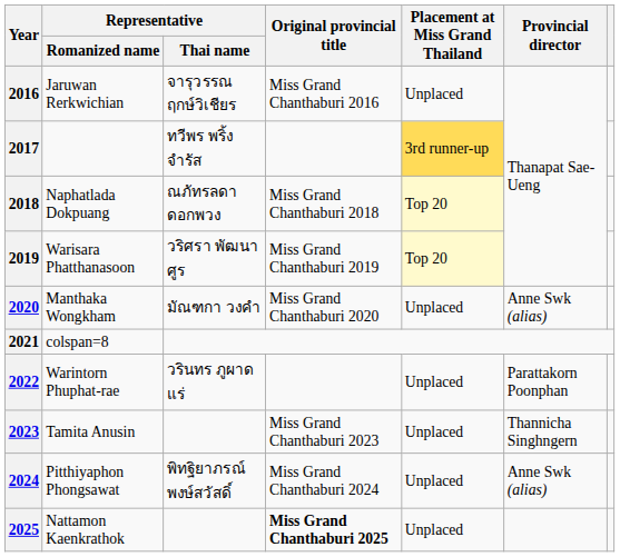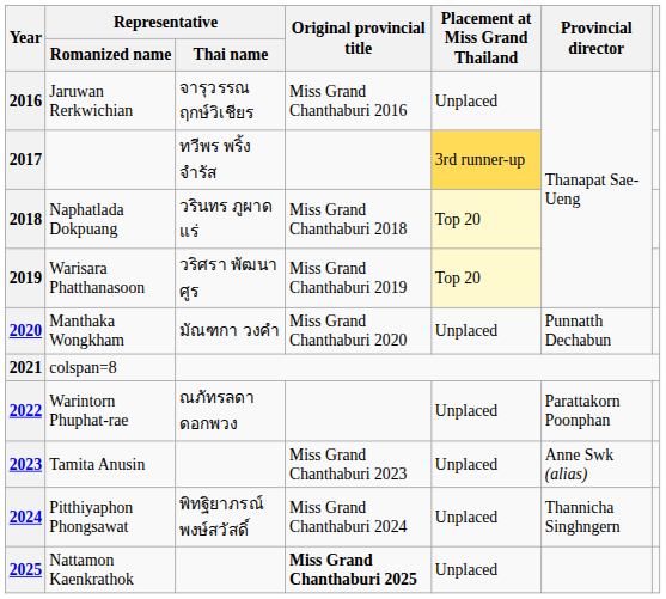 <table class="wikitable defaultcenter col2left col3left col6left" style="font-size:95%;">
 <tr>
 <th rowspan=2>Year</th>
 <th colspan=2>Representative</th>
 <th rowspan=2>Original provincial title</th>
 <th rowspan=2>Placement at<br>Miss Grand Thailand</th>
 <th rowspan=2>Provincial director</th>
 <th rowspan=2></th>
 </tr>
 <tr>
 <th>Romanized name</th>
 <th>Thai name</th>
 </tr>
 <tr>
 <th>2016</th>
 <td>Jaruwan Rerkwichian</td>
 <td>จารุวรรณ ฤกษ์วิเชียร</td>
 <td>Miss Grand Chanthaburi 2016</td>
 <td>Unplaced</td>
 <td rowspan=4>Thanapat Sae-Ueng</td>
 <td></td>
 </tr>
 <tr>
 <th>2017</th>
 <td></td>
 <td>ทวีพร พริ้งจำรัส</td>
 <td></td>
 <td bgcolor=#FFDB58>3rd runner-up</td>
 <td></td>
 </tr>
 <tr>
 <th>2018</th>
 <td>Naphatlada Dokpuang</td>
-<td>ณภัทรลดา ดอกพวง</td>
+<td>วรินทร ภูผาดแร่</td>
 <td>Miss Grand Chanthaburi 2018</td>
 <td bgcolor=#FFFACD>Top 20</td>
 <td></td>
 </tr>
 <tr>
 <th>2019</th>
 <td>Warisara Phatthanasoon</td>
 <td>วริศรา พัฒนาศูร</td>
 <td>Miss Grand Chanthaburi 2019</td>
 <td bgcolor=#FFFACD>Top 20</td>
 <td></td>
 </tr>
 <tr>
 <th><a href='#'>2020</a></th>
 <td>Manthaka Wongkham</td>
 <td>มัณฑกา วงคำ</td>
 <td>Miss Grand Chanthaburi 2020</td>
 <td>Unplaced</td>
-<td>Anne Swk <em>(alias)</em></td>
+<td>Punnatth Dechabun</td>
 <td></td>
 </tr>
 <tr>
 <th>2021</th>
 <td>colspan=8 </td>
 </tr>
 <tr>
 <th><a href='#'>2022</a></th>
 <td>Warintorn Phuphat-rae</td>
-<td>วรินทร ภูผาดแร่</td>
+<td>ณภัทรลดา ดอกพวง</td>
 <td></td>
 <td>Unplaced</td>
 <td>Parattakorn Poonphan</td>
 <td></td>
 </tr>
 <tr>
 <th><a href='#'>2023</a></th>
 <td>Tamita Anusin</td>
 <td></td>
 <td>Miss Grand Chanthaburi 2023</td>
 <td>Unplaced</td>
-<td>Thannicha Singhngern</td>
+<td>Anne Swk <em>(alias)</em></td>
 <td></td>
 </tr>
 <tr>
 <th><a href='#'>2024</a></th>
 <td>Pitthiyaphon Phongsawat</td>
 <td>พิทฐิยาภรณ์ พงษ์สวัสดิ์</td>
 <td>Miss Grand Chanthaburi 2024</td>
 <td>Unplaced</td>
-<td>Anne Swk <em>(alias)</em></td>
+<td>Thannicha Singhngern</td>
 <td></td>
 </tr>
 <tr>
 <th><a href='#'>2025</a></th>
 <td>Nattamon Kaenkrathok</td>
 <td></td>
 <td><strong>Miss Grand Chanthaburi 2025</strong></td>
 <td>Unplaced</td>
 <td></td>
 <td></td>
 </tr>
 </table>
